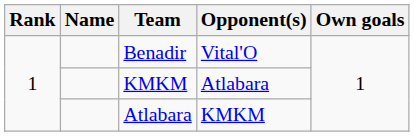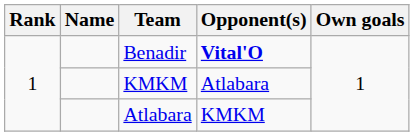 <table class="wikitable sortable" style="text-align:left;">
 <tr>
 <th>Rank</th>
 <th>Name</th>
 <th>Team</th>
 <th>Opponent(s)</th>
 <th>Own goals</th>
 </tr>
 <tr>
 <td rowspan="3" align="center">1</td>
 <td> </td>
 <td> <a href='#'>Benadir</a></td>
-<td> <a href='#'>Vital'O</a></td>
+<td><strong> <a href='#'>Vital'O</a></strong></td>
 <td rowspan="3" align="center">1</td>
 </tr>
 <tr>
 <td> </td>
 <td> <a href='#'>KMKM</a></td>
 <td> <a href='#'>Atlabara</a></td>
 </tr>
 <tr>
 <td> </td>
 <td> <a href='#'>Atlabara</a></td>
 <td> <a href='#'>KMKM</a></td>
 </tr>
 </table>
